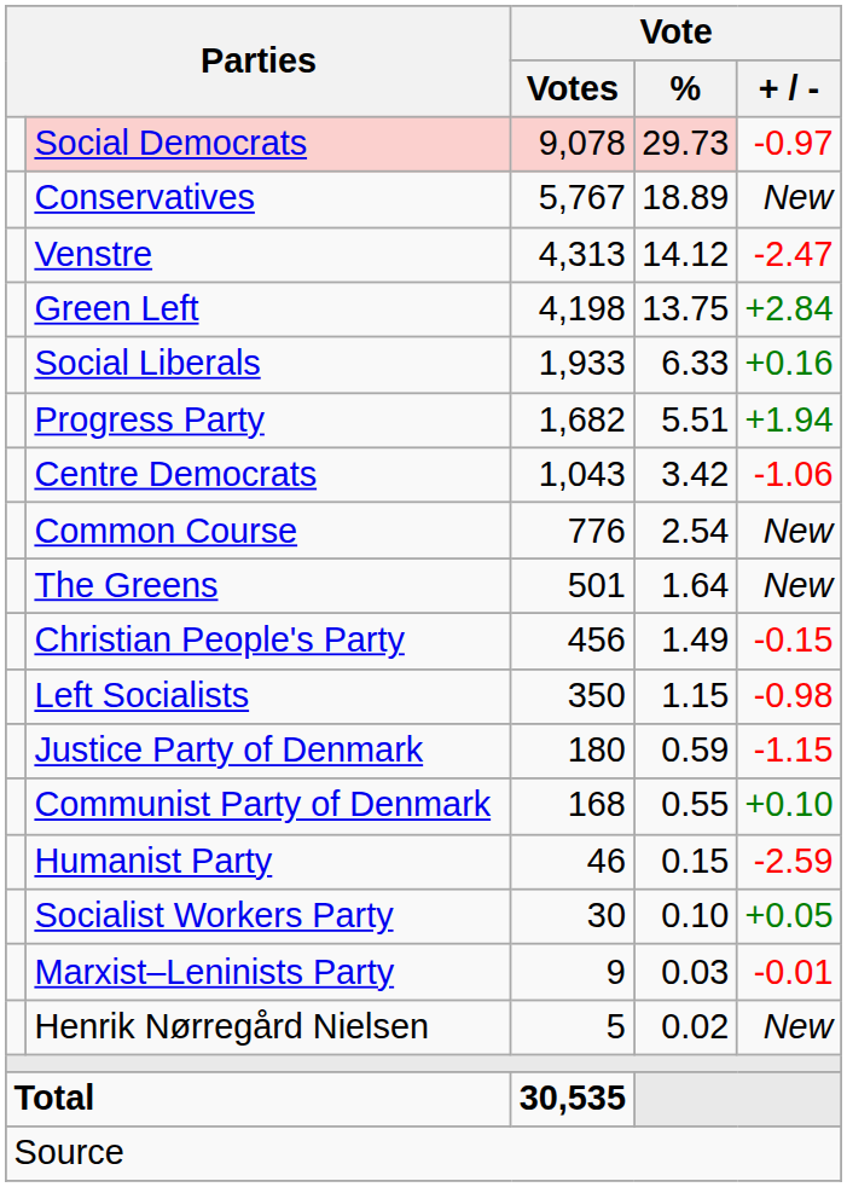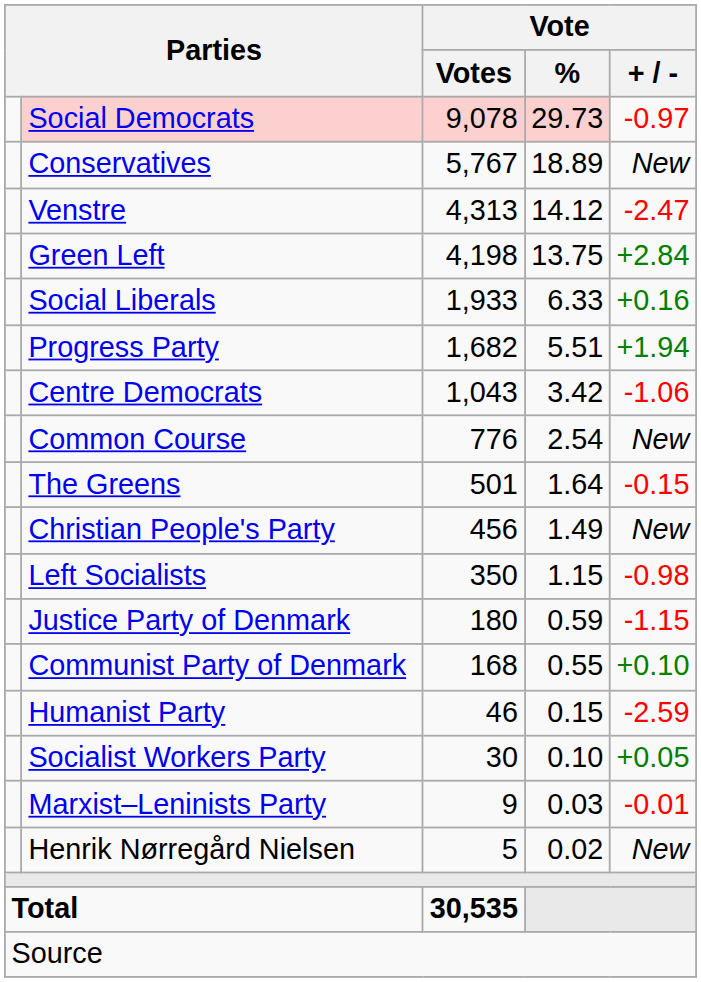 <table class="wikitable" style="text-align:right;">
 <tr>
 <th style="text-align:centre;" rowspan="2" colspan="2" width="225">Parties</th>
 <th colspan="3">Vote</th>
 </tr>
 <tr>
 <th width="15">Votes</th>
 <th width="15">%</th>
 <th width="15">+ / -</th>
 </tr>
 <tr>
 <td width="2" style="color:inherit;background:"></td>
 <td bgcolor=#fbd0ce  align="left"><a href='#'>Social Democrats</a></td>
 <td bgcolor=#fbd0ce>9,078</td>
 <td bgcolor=#fbd0ce>29.73</td>
 <td style=color:red;>-0.97</td>
 </tr>
 <tr>
 <td width="2" style="color:inherit;background:"></td>
 <td align="left"><a href='#'>Conservatives</a></td>
 <td>5,767</td>
 <td>18.89</td>
 <td><em>New</em></td>
 </tr>
 <tr>
 <td width="2" style="color:inherit;background:"></td>
 <td align="left"><a href='#'>Venstre</a></td>
 <td>4,313</td>
 <td>14.12</td>
 <td style=color:red;>-2.47</td>
 </tr>
 <tr>
 <td width="2" style="color:inherit;background:"></td>
 <td align="left"><a href='#'>Green Left</a></td>
 <td>4,198</td>
 <td>13.75</td>
 <td style=color:green;>+2.84</td>
 </tr>
 <tr>
 <td width="2" style="color:inherit;background:"></td>
 <td align="left"><a href='#'>Social Liberals</a></td>
 <td>1,933</td>
 <td>6.33</td>
 <td style=color:green;>+0.16</td>
 </tr>
 <tr>
 <td width="2" style="color:inherit;background:"></td>
 <td align="left"><a href='#'>Progress Party</a></td>
 <td>1,682</td>
 <td>5.51</td>
 <td style=color:green;>+1.94</td>
 </tr>
 <tr>
 <td width="2" style="color:inherit;background:"></td>
 <td align="left"><a href='#'>Centre Democrats</a></td>
 <td>1,043</td>
 <td>3.42</td>
 <td style=color:red;>-1.06</td>
 </tr>
 <tr>
 <td width="2" style="color:inherit;background:"></td>
 <td align="left"><a href='#'>Common Course</a></td>
 <td>776</td>
 <td>2.54</td>
 <td><em>New</em></td>
 </tr>
 <tr>
 <td width="2" style="color:inherit;background:"></td>
 <td align="left"><a href='#'>The Greens</a></td>
 <td>501</td>
 <td>1.64</td>
-<td><em>New</em></td>
+<td style=color:red;>-0.15</td>
 </tr>
 <tr>
 <td width="2" style="color:inherit;background:"></td>
 <td align="left"><a href='#'>Christian People's Party</a></td>
 <td>456</td>
 <td>1.49</td>
-<td style=color:red;>-0.15</td>
+<td><em>New</em></td>
 </tr>
 <tr>
 <td width="2" style="color:inherit;background:"></td>
 <td align="left"><a href='#'>Left Socialists</a></td>
 <td>350</td>
 <td>1.15</td>
 <td style=color:red;>-0.98</td>
 </tr>
 <tr>
 <td width="2" style="color:inherit;background:"></td>
 <td align="left"><a href='#'>Justice Party of Denmark</a></td>
 <td>180</td>
 <td>0.59</td>
 <td style=color:red;>-1.15</td>
 </tr>
 <tr>
 <td width="2" style="color:inherit;background:"></td>
 <td align="left"><a href='#'>Communist Party of Denmark</a></td>
 <td>168</td>
 <td>0.55</td>
 <td style=color:green;>+0.10</td>
 </tr>
 <tr>
 <td width="2" style="color:inherit;background:"></td>
 <td align="left"><a href='#'>Humanist Party</a></td>
 <td>46</td>
 <td>0.15</td>
 <td style=color:red;>-2.59</td>
 </tr>
 <tr>
 <td width="2" style="color:inherit;background:"></td>
 <td align="left"><a href='#'>Socialist Workers Party</a></td>
 <td>30</td>
 <td>0.10</td>
 <td style=color:green;>+0.05</td>
 </tr>
 <tr>
 <td width="2" style="color:inherit;background:"></td>
 <td align="left"><a href='#'>Marxist–Leninists Party</a></td>
 <td>9</td>
 <td>0.03</td>
 <td style=color:red;>-0.01</td>
 </tr>
 <tr>
 <td width="2" style="color:inherit;background:"></td>
 <td align="left">Henrik Nørregård Nielsen</td>
 <td>5</td>
 <td>0.02</td>
 <td><em>New</em></td>
 </tr>
 <tr>
 <td colspan="7" bgcolor="#E9E9E9"></td>
 </tr>
 <tr>
 <td align="left" colspan="2"><strong>Total</strong></td>
 <td><strong>30,535</strong></td>
 <td bgcolor="#E9E9E9" colspan="2"></td>
 </tr>
 <tr>
 <td align="left" colspan="6">Source</td>
 </tr>
 </table>
